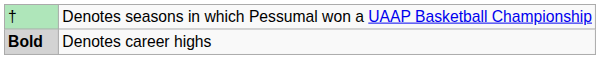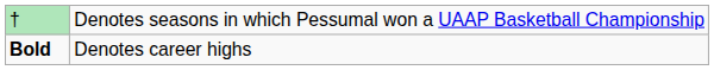 <table class="wikitable">
 <tr>
 <td style="background:#afe6ba; width:3em;">†</td>
 <td>Denotes seasons in which Pessumal won a <a href='#'>UAAP Basketball Championship</a></td>
 </tr>
 <tr>
-<td style="background: lightgrey;"><strong>Bold</strong></td>
+<td><strong>Bold</strong></td>
 <td>Denotes career highs</td>
 </tr>
 </table>
